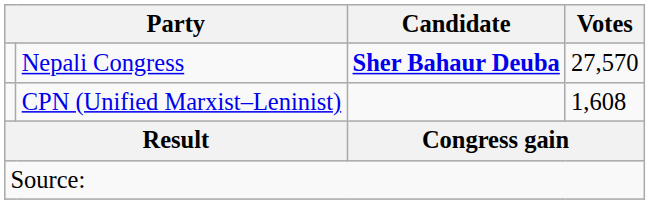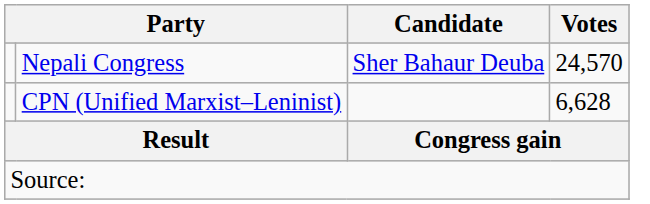 <table class="wikitable">
 <tr>
 <th colspan="2">Party</th>
 <th>Candidate</th>
 <th>Votes</th>
 </tr>
 <tr>
 <td style="background-color:"></td>
 <td><a href='#'>Nepali Congress</a></td>
-<td><strong><a href='#'>Sher Bahaur Deuba</a></strong></td>
-<td>27,570</td>
+<td><a href='#'>Sher Bahaur Deuba</a></td>
+<td>24,570</td>
 </tr>
 <tr>
 <td style="background-color:"></td>
 <td><a href='#'>CPN (Unified Marxist–Leninist)</a></td>
 <td></td>
-<td>1,608</td>
+<td>6,628</td>
 </tr>
 <tr>
 <th colspan="2">Result</th>
 <th colspan="2">Congress gain</th>
 </tr>
 <tr>
 <td colspan="4">Source: </td>
 </tr>
 </table>
